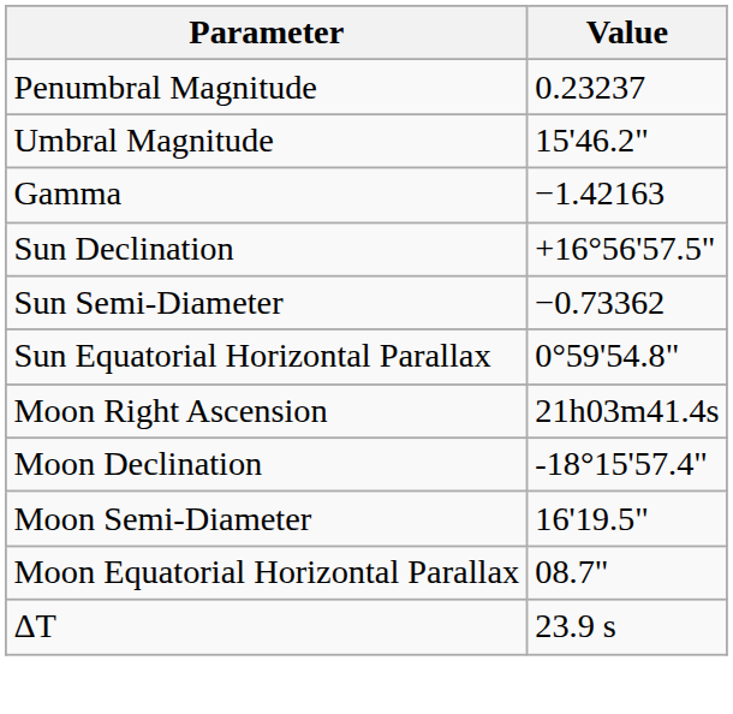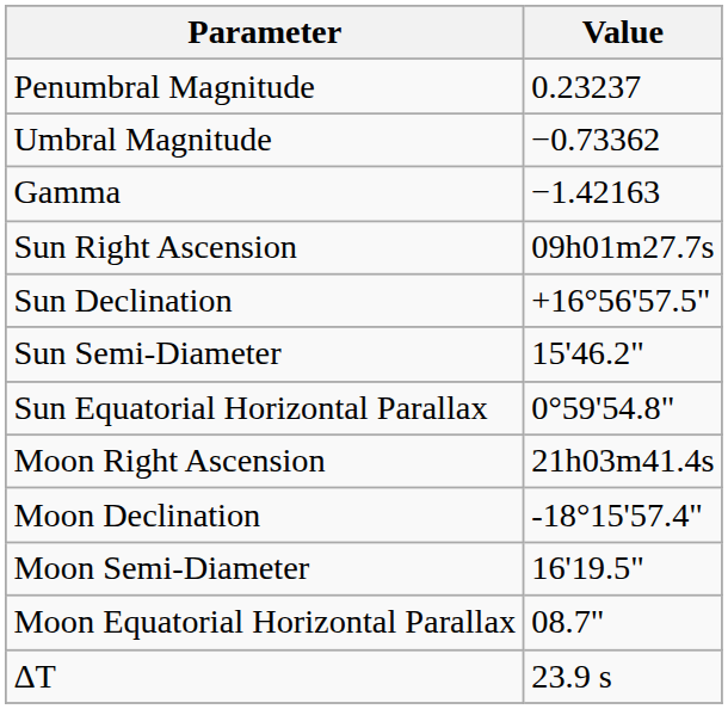 <table class="wikitable">
 <tr>
 <th>Parameter</th>
 <th>Value</th>
 </tr>
 <tr>
 <td>Penumbral Magnitude</td>
 <td>0.23237</td>
 </tr>
 <tr>
 <td>Umbral Magnitude</td>
-<td>15'46.2"</td>
+<td>−0.73362</td>
 </tr>
 <tr>
 <td>Gamma</td>
 <td>−1.42163</td>
+</tr>
+<tr>
+<td>Sun Right Ascension</td>
+<td>09h01m27.7s</td>
 </tr>
 <tr>
 <td>Sun Declination</td>
 <td>+16°56'57.5"</td>
 </tr>
 <tr>
 <td>Sun Semi-Diameter</td>
-<td>−0.73362</td>
+<td>15'46.2"</td>
 </tr>
 <tr>
 <td>Sun Equatorial Horizontal Parallax</td>
 <td>0°59'54.8"</td>
 </tr>
 <tr>
 <td>Moon Right Ascension</td>
 <td>21h03m41.4s</td>
 </tr>
 <tr>
 <td>Moon Declination</td>
 <td>-18°15'57.4"</td>
 </tr>
 <tr>
 <td>Moon Semi-Diameter</td>
 <td>16'19.5"</td>
 </tr>
 <tr>
 <td>Moon Equatorial Horizontal Parallax</td>
 <td>08.7"</td>
 </tr>
 <tr>
 <td>ΔT</td>
 <td>23.9 s</td>
 </tr>
 </table>
